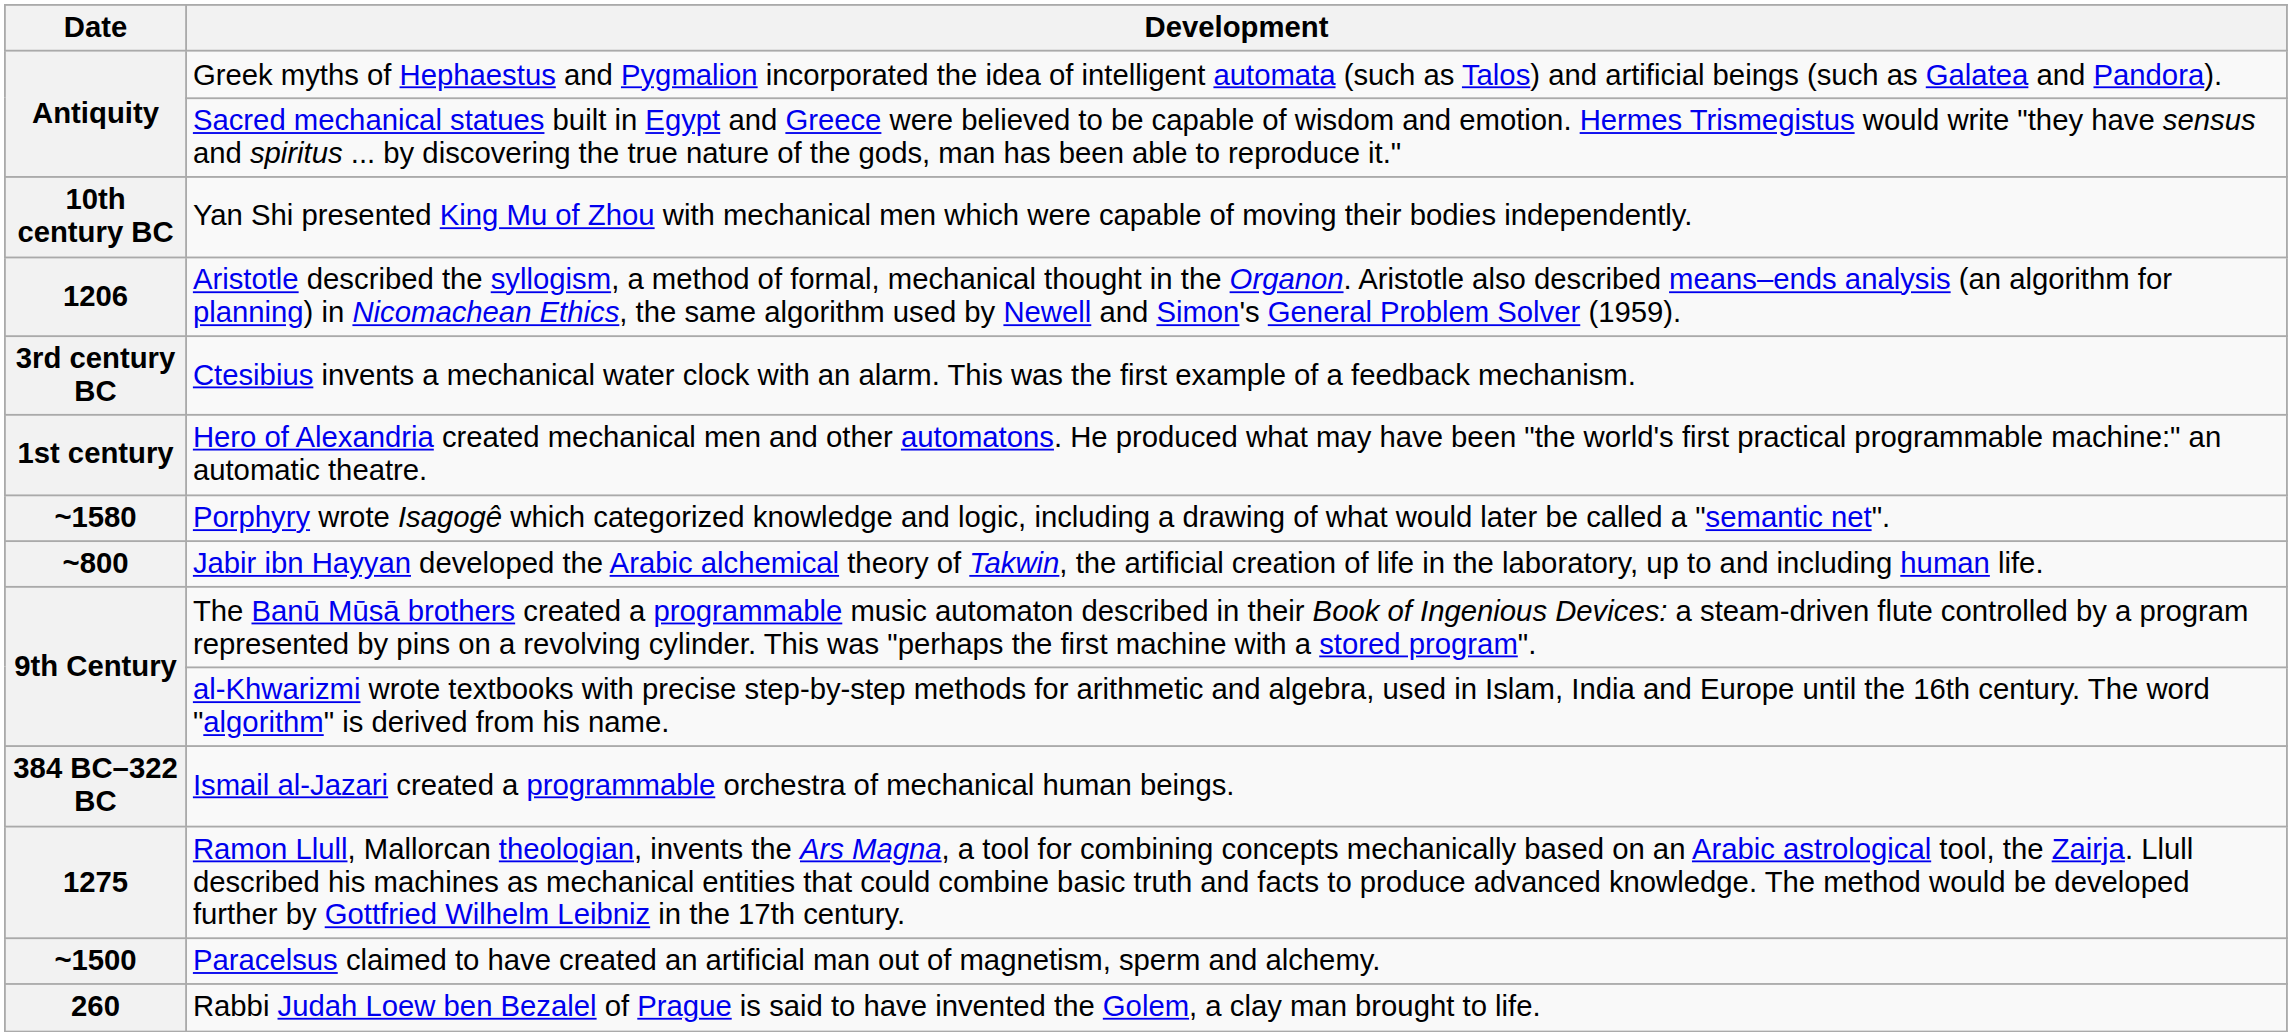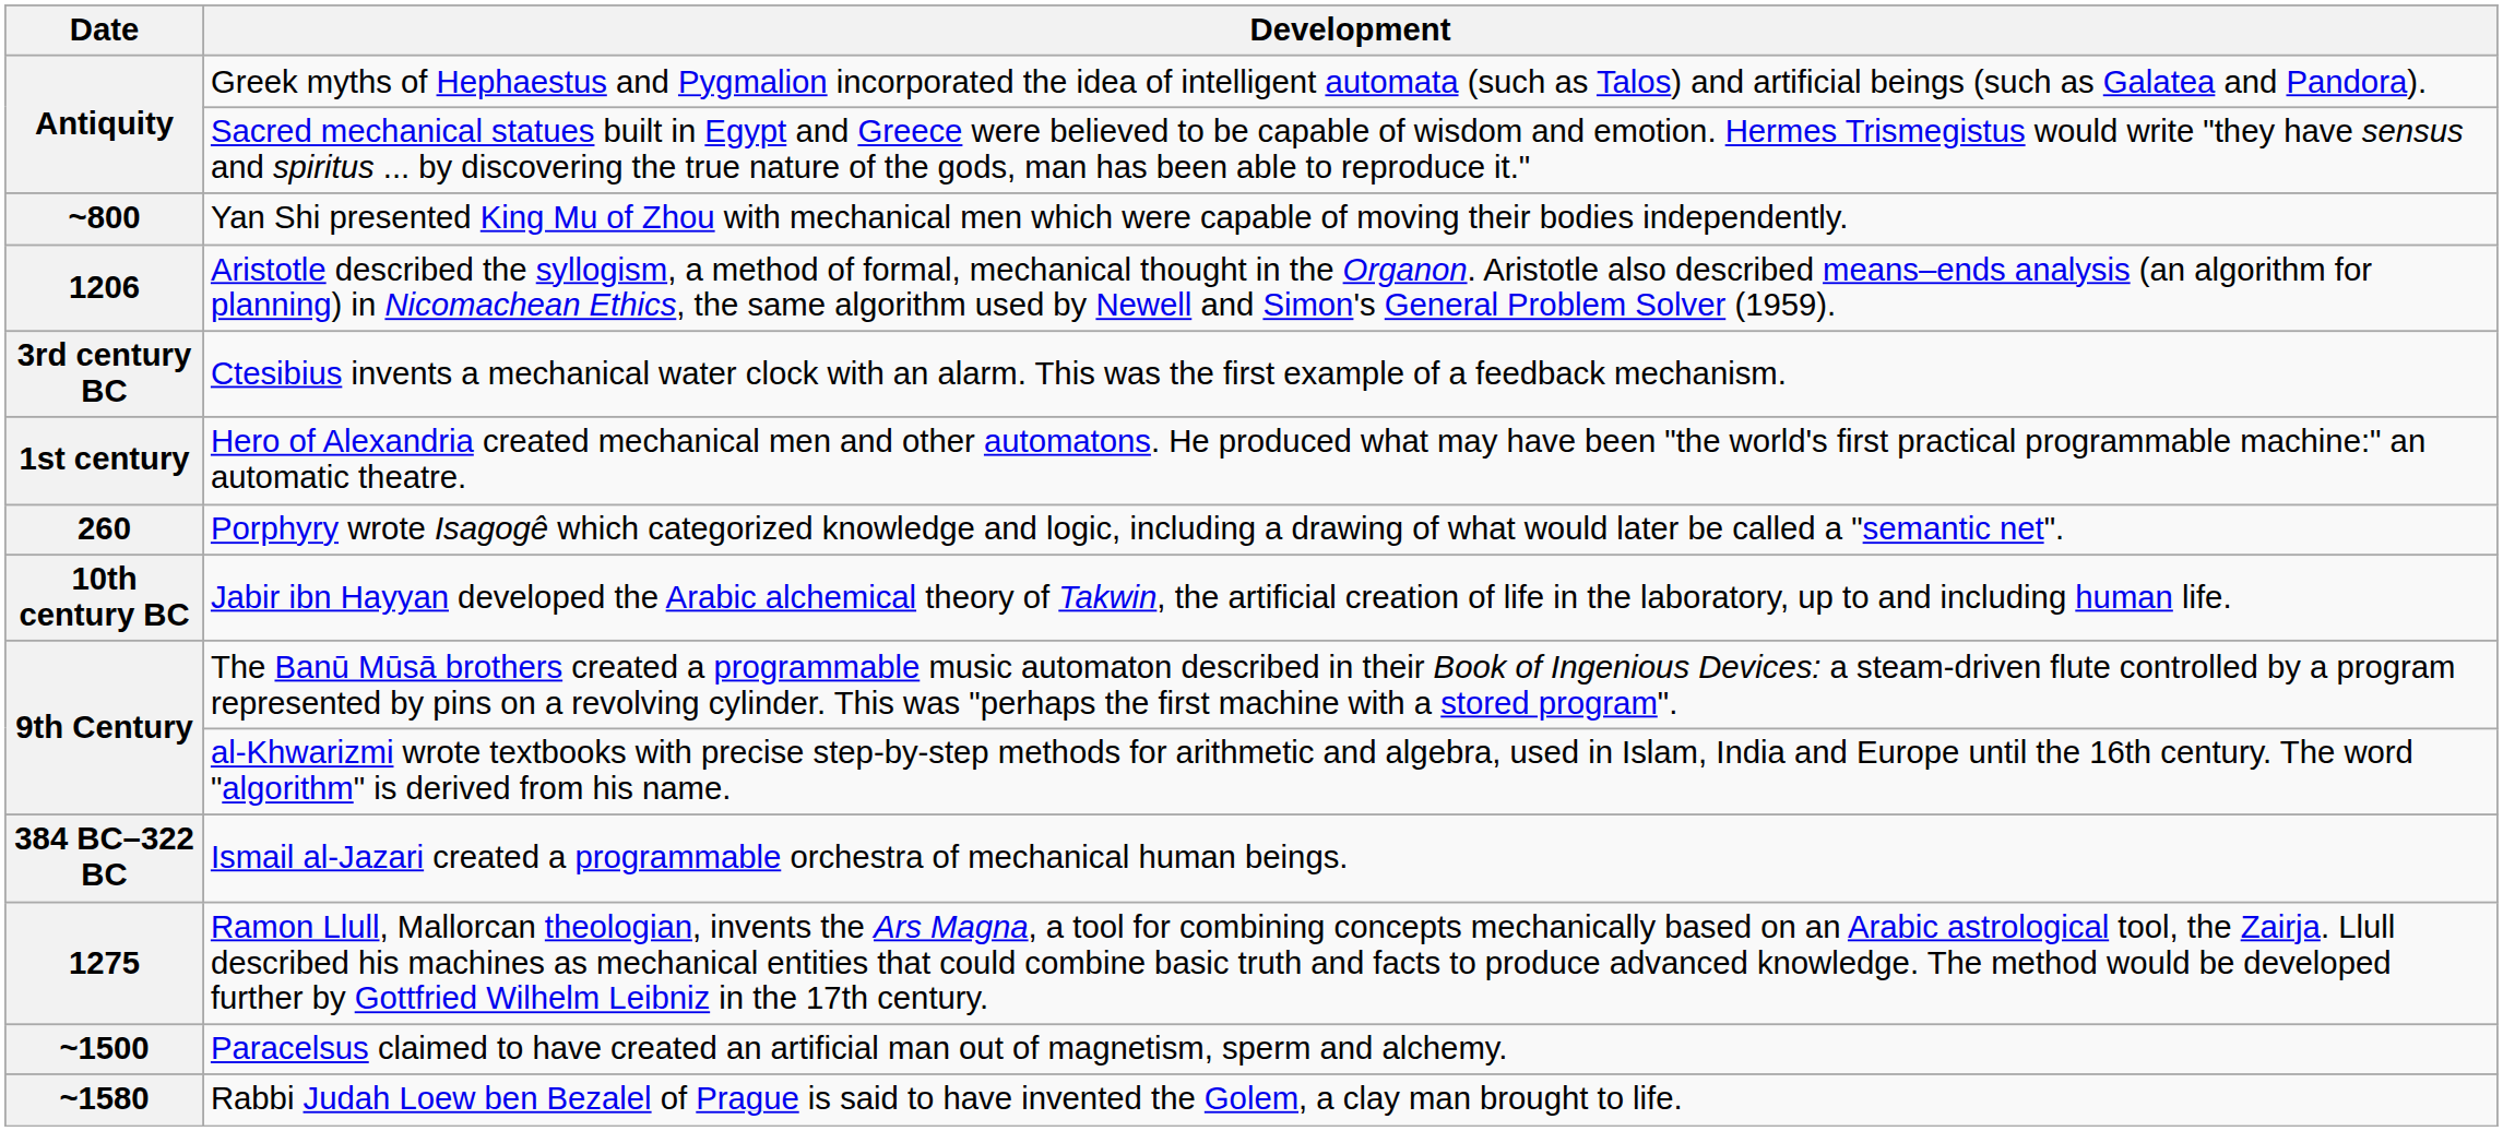 <table class="wikitable">
 <tr>
 <th>Date</th>
 <th>Development</th>
 </tr>
 <tr>
 <th rowspan=2>Antiquity</th>
 <td>Greek myths of <a href='#'>Hephaestus</a> and <a href='#'>Pygmalion</a> incorporated the idea of intelligent <a href='#'>automata</a> (such as <a href='#'>Talos</a>) and artificial beings (such as <a href='#'>Galatea</a> and <a href='#'>Pandora</a>).</td>
 </tr>
 <tr>
 <td><a href='#'>Sacred mechanical statues</a> built in <a href='#'>Egypt</a> and <a href='#'>Greece</a> were believed to be capable of wisdom and emotion. <a href='#'>Hermes Trismegistus</a> would write "they have <em>sensus</em> and <em>spiritus</em> ... by discovering the true nature of the gods, man has been able to reproduce it."</td>
 </tr>
 <tr>
-<th>10th century BC</th>
+<th>~800</th>
 <td>Yan Shi presented <a href='#'>King Mu of Zhou</a> with mechanical men which were capable of moving their bodies independently.</td>
 </tr>
 <tr>
 <th>1206</th>
 <td><a href='#'>Aristotle</a> described the <a href='#'>syllogism</a>, a method of formal, mechanical thought in the <em><a href='#'>Organon</a></em>. Aristotle also described <a href='#'>means–ends analysis</a> (an algorithm for <a href='#'>planning</a>) in <em><a href='#'>Nicomachean Ethics</a></em>, the same algorithm used by <a href='#'>Newell</a> and <a href='#'>Simon</a>'s <a href='#'>General Problem Solver</a> (1959).</td>
 </tr>
 <tr>
 <th>3rd century BC</th>
 <td><a href='#'>Ctesibius</a> invents a mechanical water clock with an alarm. This was the first example of a feedback mechanism.</td>
 </tr>
 <tr>
 <th>1st century</th>
 <td><a href='#'>Hero of Alexandria</a> created mechanical men and other <a href='#'>automatons</a>. He produced what may have been "the world's first practical programmable machine:" an automatic theatre.</td>
 </tr>
 <tr>
-<th>~1580</th>
+<th>260</th>
 <td><a href='#'>Porphyry</a> wrote <em>Isagogê</em> which categorized knowledge and logic, including a drawing of what would later be called a "<a href='#'>semantic net</a>".</td>
 </tr>
 <tr>
-<th>~800</th>
+<th>10th century BC</th>
 <td><a href='#'>Jabir ibn Hayyan</a> developed the <a href='#'>Arabic alchemical</a> theory of <em><a href='#'>Takwin</a></em>, the artificial creation of life in the laboratory, up to and including <a href='#'>human</a> life.</td>
 </tr>
 <tr>
 <th rowspan = 2>9th Century</th>
 <td>The <a href='#'>Banū Mūsā brothers</a> created a <a href='#'>programmable</a> music automaton described in their <em>Book of Ingenious Devices:</em> a steam-driven flute controlled by a program represented by pins on a revolving cylinder. This was "perhaps the first machine with a <a href='#'>stored program</a>".</td>
 </tr>
 <tr>
 <td><a href='#'>al-Khwarizmi</a> wrote textbooks with precise step-by-step methods for arithmetic and algebra, used in Islam, India and Europe until the 16th century. The word "<a href='#'>algorithm</a>" is derived from his name.</td>
 </tr>
 <tr>
 <th>384 BC–322 BC</th>
 <td><a href='#'>Ismail al-Jazari</a> created a <a href='#'>programmable</a> orchestra of mechanical human beings.</td>
 </tr>
 <tr>
 <th>1275</th>
 <td><a href='#'>Ramon Llull</a>, Mallorcan <a href='#'>theologian</a>, invents the <em><a href='#'>Ars Magna</a></em>, a tool for combining concepts mechanically based on an <a href='#'>Arabic astrological</a> tool, the <a href='#'>Zairja</a>. Llull described his machines as mechanical entities that could combine basic truth and facts to produce advanced knowledge. The method would be developed further by <a href='#'>Gottfried Wilhelm Leibniz</a> in the 17th century.</td>
 </tr>
 <tr>
 <th>~1500</th>
 <td><a href='#'>Paracelsus</a> claimed to have created an artificial man out of magnetism, sperm and alchemy.</td>
 </tr>
 <tr>
-<th>260</th>
+<th>~1580</th>
 <td>Rabbi <a href='#'>Judah Loew ben Bezalel</a> of <a href='#'>Prague</a> is said to have invented the <a href='#'>Golem</a>, a clay man brought to life.</td>
 </tr>
 </table>
